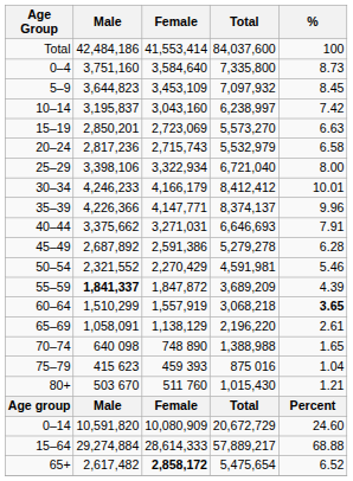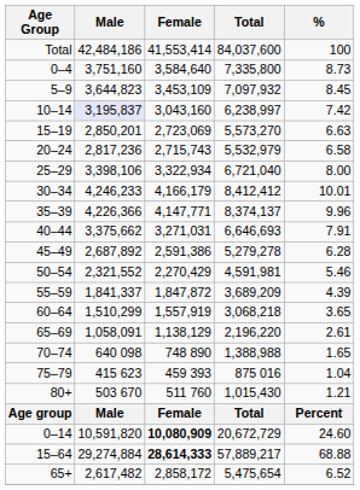 <table class="wikitable">
 <tr>
 <th width="80pt">Age Group</th>
 <th width="80pt">Male</th>
 <th width="80pt">Female</th>
 <th width="80pt">Total</th>
 <th width="80pt">%</th>
 </tr>
 <tr>
 <td align="right">Total</td>
 <td align="right">42,484,186</td>
 <td align="right">41,553,414</td>
 <td align="right">84,037,600</td>
 <td align="right">100</td>
 </tr>
 <tr>
 <td align="right">0–4</td>
 <td align="right">3,751,160</td>
 <td align="right">3,584,640</td>
 <td align="right">7,335,800</td>
 <td align="right">8.73</td>
 </tr>
 <tr>
 <td align="right">5–9</td>
 <td align="right">3,644,823</td>
 <td align="right">3,453,109</td>
 <td align="right">7,097,932</td>
 <td align="right">8.45</td>
 </tr>
 <tr>
 <td align="right">10–14</td>
-<td align="right">3,195,837</td>
+<td align="right" style="background: lavender;">3,195,837</td>
 <td align="right">3,043,160</td>
 <td align="right">6,238,997</td>
 <td align="right">7.42</td>
 </tr>
 <tr>
 <td align="right">15–19</td>
 <td align="right">2,850,201</td>
 <td align="right">2,723,069</td>
 <td align="right">5,573,270</td>
 <td align="right">6.63</td>
 </tr>
 <tr>
 <td align="right">20–24</td>
 <td align="right">2,817,236</td>
 <td align="right">2,715,743</td>
 <td align="right">5,532,979</td>
 <td align="right">6.58</td>
 </tr>
 <tr>
 <td align="right">25–29</td>
 <td align="right">3,398,106</td>
 <td align="right">3,322,934</td>
 <td align="right">6,721,040</td>
 <td align="right">8.00</td>
 </tr>
 <tr>
 <td align="right">30–34</td>
 <td align="right">4,246,233</td>
 <td align="right">4,166,179</td>
 <td align="right">8,412,412</td>
 <td align="right">10.01</td>
 </tr>
 <tr>
 <td align="right">35–39</td>
 <td align="right">4,226,366</td>
 <td align="right">4,147,771</td>
 <td align="right">8,374,137</td>
 <td align="right">9.96</td>
 </tr>
 <tr>
 <td align="right">40–44</td>
 <td align="right">3,375,662</td>
 <td align="right">3,271,031</td>
 <td align="right">6,646,693</td>
 <td align="right">7.91</td>
 </tr>
 <tr>
 <td align="right">45–49</td>
 <td align="right">2,687,892</td>
 <td align="right">2,591,386</td>
 <td align="right">5,279,278</td>
 <td align="right">6.28</td>
 </tr>
 <tr>
 <td align="right">50–54</td>
 <td align="right">2,321,552</td>
 <td align="right">2,270,429</td>
 <td align="right">4,591,981</td>
 <td align="right">5.46</td>
 </tr>
 <tr>
 <td align="right">55–59</td>
-<td align="right"><strong>1,841,337</strong></td>
+<td align="right">1,841,337</td>
 <td align="right">1,847,872</td>
 <td align="right">3,689,209</td>
 <td align="right">4.39</td>
 </tr>
 <tr>
 <td align="right">60–64</td>
 <td align="right">1,510,299</td>
 <td align="right">1,557,919</td>
 <td align="right">3,068,218</td>
-<td align="right"><strong>3.65</strong></td>
+<td align="right">3.65</td>
 </tr>
 <tr>
 <td align="right">65–69</td>
 <td align="right">1,058,091</td>
 <td align="right">1,138,129</td>
 <td align="right">2,196,220</td>
 <td align="right">2.61</td>
 </tr>
 <tr>
 <td align="right">70–74</td>
 <td align="right">640 098</td>
 <td align="right">748 890</td>
 <td align="right">1,388,988</td>
 <td align="right">1.65</td>
 </tr>
 <tr>
 <td align="right">75–79</td>
 <td align="right">415 623</td>
 <td align="right">459 393</td>
 <td align="right">875 016</td>
 <td align="right">1.04</td>
 </tr>
 <tr>
 <td align="right">80+</td>
 <td align="right">503 670</td>
 <td align="right">511 760</td>
 <td align="right">1,015,430</td>
 <td align="right">1.21</td>
 </tr>
 <tr>
 <th width="50">Age group</th>
 <th width="80pt">Male</th>
 <th width="80">Female</th>
 <th width="80">Total</th>
 <th width="50">Percent</th>
 </tr>
 <tr>
 <td align="right">0–14</td>
 <td align="right">10,591,820</td>
-<td align="right">10,080,909</td>
+<td align="right"><strong>10,080,909</strong></td>
 <td align="right">20,672,729</td>
 <td align="right">24.60</td>
 </tr>
 <tr>
 <td align="right">15–64</td>
 <td align="right">29,274,884</td>
-<td align="right">28,614,333</td>
+<td align="right"><strong>28,614,333</strong></td>
 <td align="right">57,889,217</td>
 <td align="right">68.88</td>
 </tr>
 <tr>
 <td align="right">65+</td>
 <td align="right">2,617,482</td>
-<td align="right"><strong>2,858,172</strong></td>
+<td align="right">2,858,172</td>
 <td align="right">5,475,654</td>
 <td align="right">6.52</td>
 </tr>
 <tr>
 </tr>
 </table>
